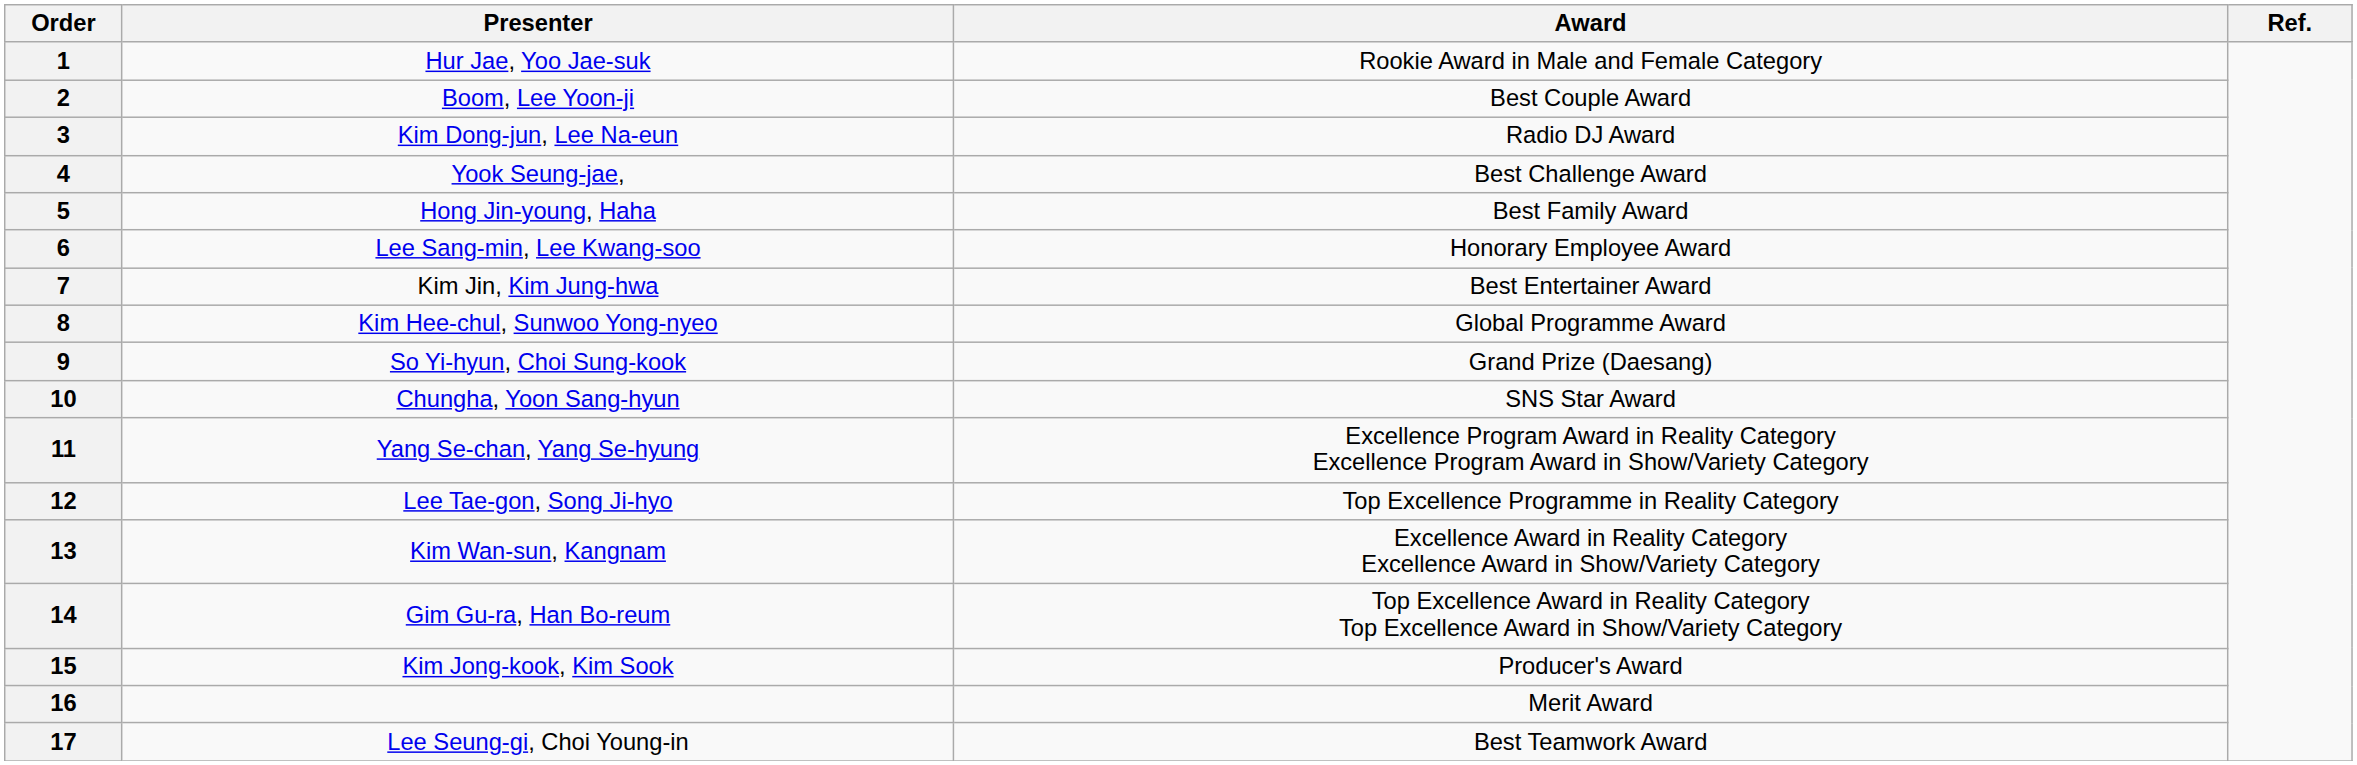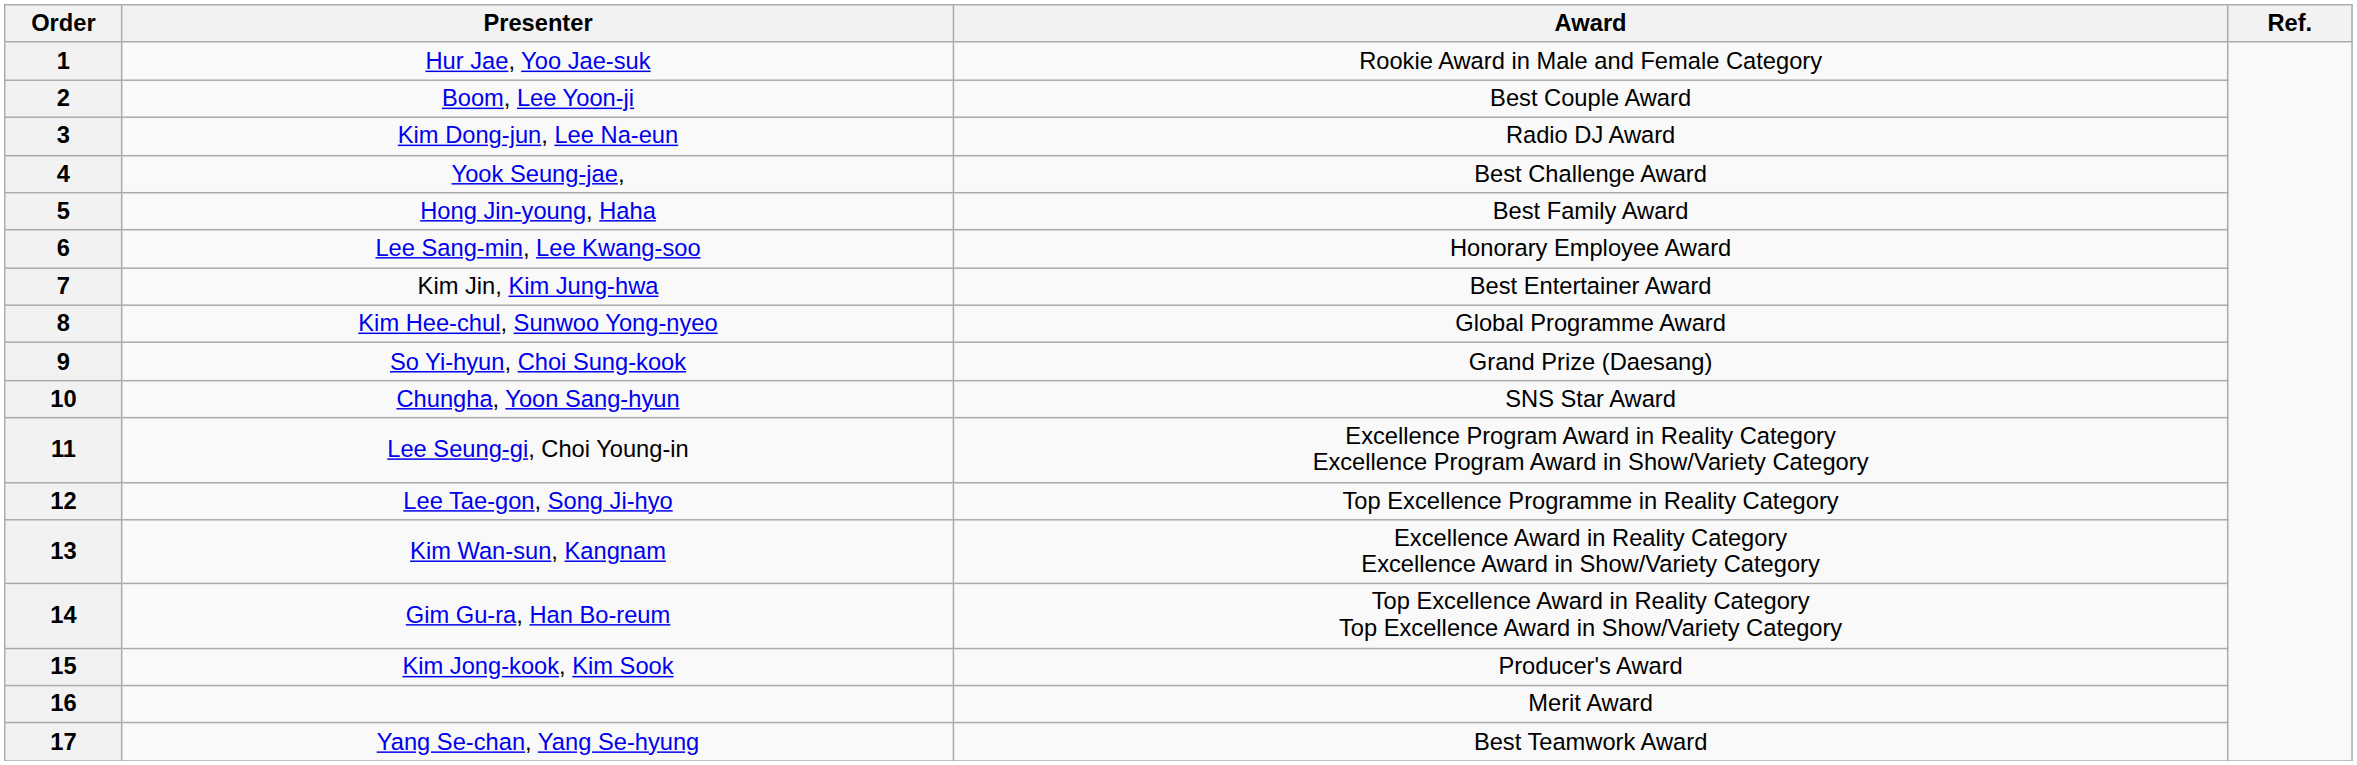 <table class="wikitable" style="text-align:center; width:80%;">
 <tr>
 <th width="5%">Order</th>
 <th>Presenter</th>
 <th>Award</th>
 <th>Ref.</th>
 </tr>
 <tr>
 <th>1</th>
 <td><a href='#'>Hur Jae</a>, <a href='#'>Yoo Jae-suk</a></td>
 <td>Rookie Award in Male and Female Category</td>
 <td rowspan=17></td>
 </tr>
 <tr>
 <th>2</th>
 <td><a href='#'>Boom</a>, <a href='#'>Lee Yoon-ji</a></td>
 <td>Best Couple Award</td>
 </tr>
 <tr>
 <th>3</th>
 <td><a href='#'>Kim Dong-jun</a>, <a href='#'>Lee Na-eun</a></td>
 <td>Radio DJ Award</td>
 </tr>
 <tr>
 <th>4</th>
 <td><a href='#'>Yook Seung-jae</a>, </td>
 <td>Best Challenge Award</td>
 </tr>
 <tr>
 <th>5</th>
 <td><a href='#'>Hong Jin-young</a>, <a href='#'>Haha</a></td>
 <td>Best Family Award</td>
 </tr>
 <tr>
 <th>6</th>
 <td><a href='#'>Lee Sang-min</a>, <a href='#'>Lee Kwang-soo</a></td>
 <td>Honorary Employee Award</td>
 </tr>
 <tr>
 <th>7</th>
 <td>Kim Jin, <a href='#'>Kim Jung-hwa</a></td>
 <td>Best Entertainer Award</td>
 </tr>
 <tr>
 <th>8</th>
 <td><a href='#'>Kim Hee-chul</a>, <a href='#'>Sunwoo Yong-nyeo</a></td>
 <td>Global Programme Award</td>
 </tr>
 <tr>
 <th>9</th>
 <td><a href='#'>So Yi-hyun</a>, <a href='#'>Choi Sung-kook</a></td>
 <td>Grand Prize (Daesang)</td>
 </tr>
 <tr>
 <th>10</th>
 <td><a href='#'>Chungha</a>, <a href='#'>Yoon Sang-hyun</a></td>
 <td>SNS Star Award</td>
 </tr>
 <tr>
 <th>11</th>
-<td><a href='#'>Yang Se-chan</a>, <a href='#'>Yang Se-hyung</a></td>
+<td><a href='#'>Lee Seung-gi</a>, Choi Young-in</td>
 <td>Excellence Program Award in Reality Category<br>Excellence Program Award in Show/Variety Category</td>
 </tr>
 <tr>
 <th>12</th>
 <td><a href='#'>Lee Tae-gon</a>, <a href='#'>Song Ji-hyo</a></td>
 <td>Top Excellence Programme in Reality Category</td>
 </tr>
 <tr>
 <th>13</th>
 <td><a href='#'>Kim Wan-sun</a>, <a href='#'>Kangnam</a></td>
 <td>Excellence Award in Reality Category<br>Excellence Award in Show/Variety Category</td>
 </tr>
 <tr>
 <th>14</th>
 <td><a href='#'>Gim Gu-ra</a>, <a href='#'>Han Bo-reum</a></td>
 <td>Top Excellence Award in Reality Category<br>Top Excellence Award in Show/Variety Category</td>
 </tr>
 <tr>
 <th>15</th>
 <td><a href='#'>Kim Jong-kook</a>, <a href='#'>Kim Sook</a></td>
 <td>Producer's Award</td>
 </tr>
 <tr>
 <th>16</th>
 <td></td>
 <td>Merit Award</td>
 </tr>
 <tr>
 <th>17</th>
-<td><a href='#'>Lee Seung-gi</a>, Choi Young-in</td>
+<td><a href='#'>Yang Se-chan</a>, <a href='#'>Yang Se-hyung</a></td>
 <td>Best Teamwork Award</td>
 </tr>
 </table>
